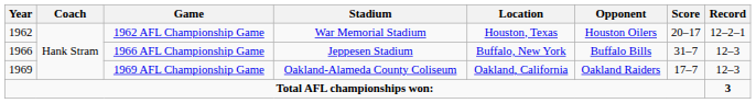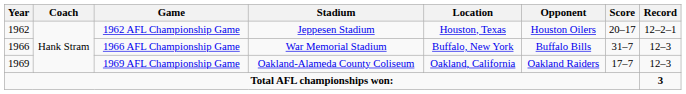 <table class="wikitable" style="width:80%;text-align:center">
 <tr>
 <th>Year</th>
 <th>Coach</th>
 <th>Game</th>
 <th>Stadium</th>
 <th>Location</th>
 <th>Opponent</th>
 <th>Score</th>
 <th>Record</th>
 </tr>
 <tr>
 <td>1962</td>
 <td rowspan="3">Hank Stram</td>
 <td><a href='#'>1962 AFL Championship Game</a></td>
-<td><a href='#'>War Memorial Stadium</a></td>
+<td><a href='#'>Jeppesen Stadium</a></td>
 <td><a href='#'>Houston, Texas</a></td>
 <td><a href='#'>Houston Oilers</a></td>
 <td>20–17</td>
 <td>12–2–1</td>
 </tr>
 <tr>
 <td>1966</td>
 <td><a href='#'>1966 AFL Championship Game</a></td>
-<td><a href='#'>Jeppesen Stadium</a></td>
+<td><a href='#'>War Memorial Stadium</a></td>
 <td><a href='#'>Buffalo, New York</a></td>
 <td><a href='#'>Buffalo Bills</a></td>
 <td>31–7</td>
 <td>12–3</td>
 </tr>
 <tr>
 <td>1969</td>
 <td><a href='#'>1969 AFL Championship Game</a></td>
 <td><a href='#'>Oakland-Alameda County Coliseum</a></td>
 <td><a href='#'>Oakland, California</a></td>
 <td><a href='#'>Oakland Raiders</a></td>
 <td>17–7</td>
 <td>12–3</td>
 </tr>
 <tr>
 <td colspan="7"><strong>Total AFL championships won:</strong></td>
 <td><strong>3</strong></td>
 </tr>
 </table>
